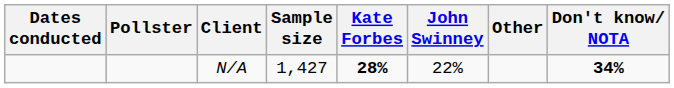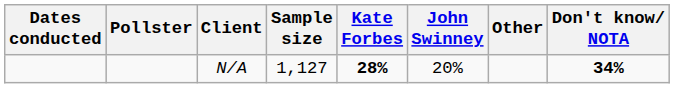 <table class="wikitable wiki table" style="font-size:90%;text-align:center">
 <tr>
 <th>Dates<br>conducted</th>
 <th>Pollster</th>
 <th>Client</th>
 <th>Sample<br>size</th>
 <th><a href='#'>Kate<br>Forbes</a></th>
 <th><a href='#'>John<br>Swinney</a></th>
 <th>Other</th>
 <th>Don't know/<br><a href='#'>NOTA</a></th>
 </tr>
 <tr>
 <td></td>
 <td></td>
 <td><em>N/A</em></td>
-<td>1,427</td>
+<td>1,127</td>
 <td style="background:"><strong>28%</strong></td>
-<td>22%</td>
+<td>20%</td>
 <td></td>
 <td><strong>34%</strong></td>
 </tr>
 </table>
